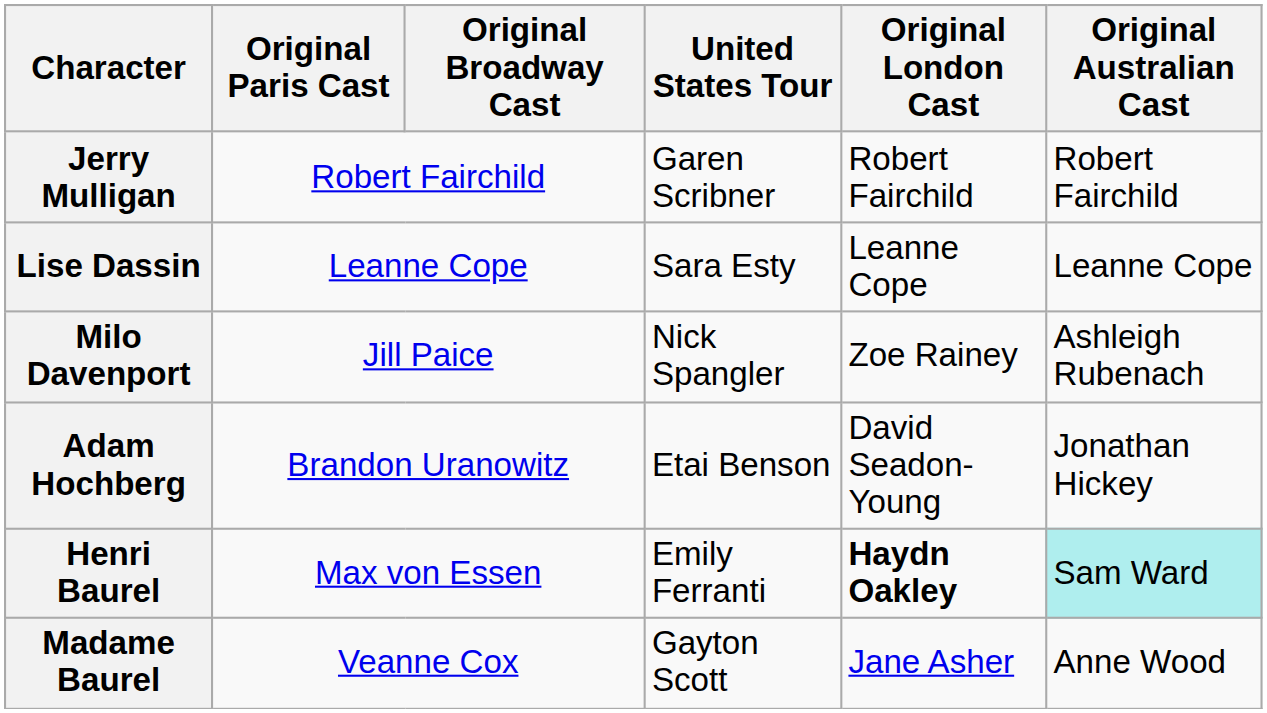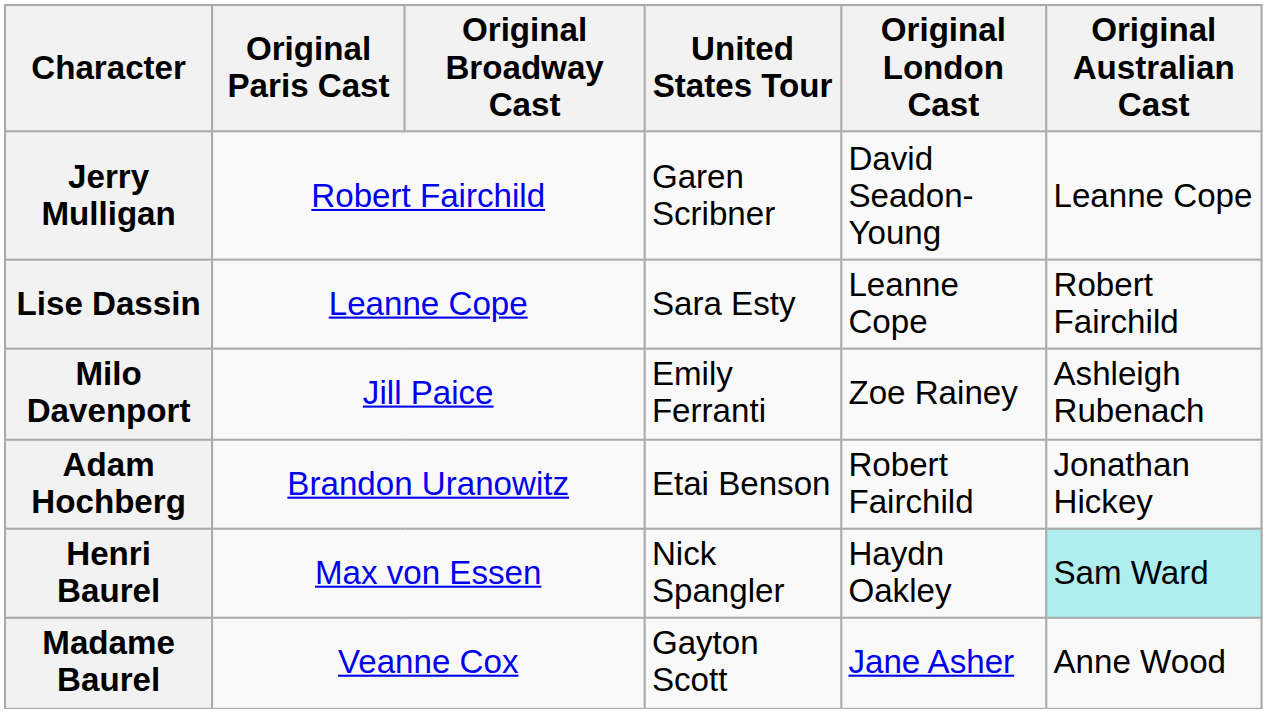 <table class="wikitable" style="width:100;">
 <tr>
 <th>Character</th>
 <th>Original Paris Cast</th>
 <th>Original Broadway Cast</th>
 <th>United States Tour</th>
 <th>Original London Cast</th>
 <th>Original<br>Australian Cast</th>
 </tr>
 <tr>
 <th>Jerry Mulligan</th>
 <td colspan="2" align="center"><a href='#'>Robert Fairchild</a></td>
 <td>Garen Scribner</td>
-<td>Robert Fairchild</td>
-<td>Robert Fairchild</td>
+<td>David Seadon-Young</td>
+<td>Leanne Cope</td>
 </tr>
 <tr>
 <th>Lise Dassin</th>
 <td colspan="2" align="center"><a href='#'>Leanne Cope</a></td>
 <td>Sara Esty</td>
 <td>Leanne Cope</td>
-<td>Leanne Cope</td>
+<td>Robert Fairchild</td>
 </tr>
 <tr>
 <th>Milo Davenport</th>
 <td colspan="2" align="center"><a href='#'>Jill Paice</a></td>
-<td>Nick Spangler</td>
+<td>Emily Ferranti</td>
 <td>Zoe Rainey</td>
 <td>Ashleigh Rubenach</td>
 </tr>
 <tr>
 <th>Adam Hochberg</th>
 <td colspan="2" align="center"><a href='#'>Brandon Uranowitz</a></td>
 <td>Etai Benson</td>
-<td>David Seadon-Young</td>
+<td>Robert Fairchild</td>
 <td>Jonathan Hickey</td>
 </tr>
 <tr>
 <th>Henri Baurel</th>
 <td colspan="2" align="center"><a href='#'>Max von Essen</a></td>
-<td>Emily Ferranti</td>
-<td><strong>Haydn Oakley</strong></td>
+<td>Nick Spangler</td>
+<td>Haydn Oakley</td>
 <td style="background: paleturquoise;">Sam Ward</td>
 </tr>
 <tr>
 <th>Madame Baurel</th>
 <td colspan="2" align="center"><a href='#'>Veanne Cox</a></td>
 <td>Gayton Scott</td>
 <td><a href='#'>Jane Asher</a></td>
 <td>Anne Wood</td>
 </tr>
 </table>
